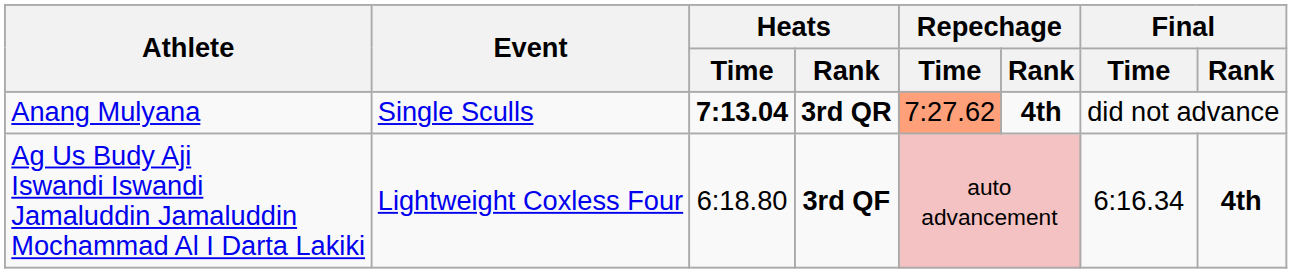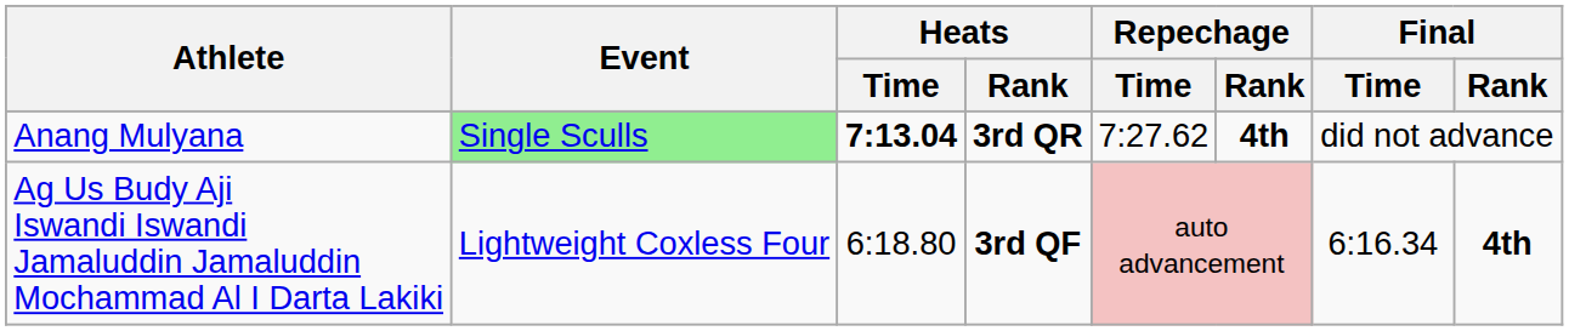 <table class=wikitable style="font-size:90%">
 <tr>
 <th rowspan=2>Athlete</th>
 <th rowspan=2>Event</th>
 <th colspan=2>Heats</th>
 <th colspan=2>Repechage</th>
 <th colspan=2>Final</th>
 </tr>
 <tr>
 <th>Time</th>
 <th>Rank</th>
 <th>Time</th>
 <th>Rank</th>
 <th>Time</th>
 <th>Rank</th>
 </tr>
 <tr>
 <td><a href='#'>Anang Mulyana</a></td>
-<td><a href='#'>Single Sculls</a></td>
+<td style="background: lightgreen;"><a href='#'>Single Sculls</a></td>
 <td align=center><strong>7:13.04</strong></td>
 <td align=center><strong>3rd QR</strong></td>
-<td align=center style="background: lightsalmon;">7:27.62</td>
+<td align=center>7:27.62</td>
 <td align=center><strong>4th</strong></td>
 <td align=center colspan=2>did not advance</td>
 </tr>
 <tr>
 <td><a href='#'>Ag Us Budy Aji</a><br><a href='#'>Iswandi Iswandi</a><br><a href='#'>Jamaluddin Jamaluddin</a><br><a href='#'>Mochammad Al I Darta Lakiki</a></td>
 <td><a href='#'>Lightweight Coxless Four</a></td>
 <td align=center>6:18.80</td>
 <td align=center><strong>3rd QF</strong></td>
 <td colspan="2" style="text-align:center; background:#f4c2c2;"><small>auto<br>advancement</small></td>
 <td align=center>6:16.34</td>
 <td align=center><strong>4th</strong></td>
 </tr>
 </table>
